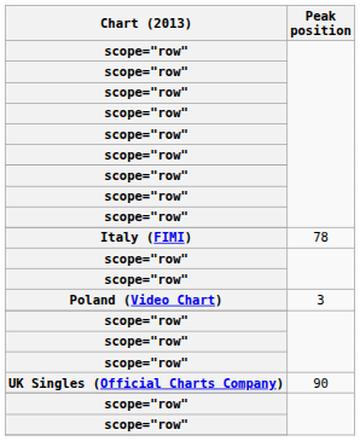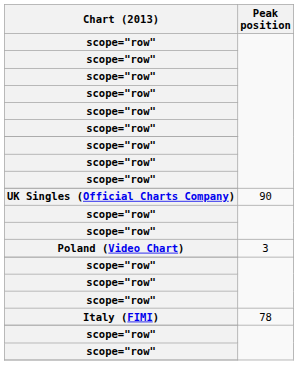 <table class="wikitable sortable plainrowheaders">
 <tr>
 <th>Chart (2013)</th>
 <th>Peak<br>position</th>
 </tr>
 <tr>
 <th>scope="row" </th>
 </tr>
 <tr>
 <th>scope="row" </th>
 </tr>
 <tr>
 <th>scope="row" </th>
 </tr>
 <tr>
 <th>scope="row" </th>
 </tr>
 <tr>
 <th>scope="row" </th>
 </tr>
 <tr>
 <th>scope="row" </th>
 </tr>
 <tr>
 </tr>
 <tr>
 <th>scope="row" </th>
 </tr>
 <tr>
 <th>scope="row" </th>
 </tr>
 <tr>
 <th>scope="row" </th>
 </tr>
 <tr>
 </tr>
 <tr>
-<th scope="row">Italy (<a href='#'>FIMI</a>)</th>
-<td align=center>78</td>
+<th scope="row">UK Singles (<a href='#'>Official Charts Company</a>)</th>
+<td align=center>90</td>
 </tr>
 <tr>
 <th>scope="row" </th>
 </tr>
 <tr>
 <th>scope="row" </th>
 </tr>
 <tr>
 <th scope="row">Poland (<a href='#'>Video Chart</a>)</th>
 <td align=center>3</td>
 </tr>
 <tr>
 </tr>
 <tr>
 <th>scope="row" </th>
 </tr>
 <tr>
 <th>scope="row" </th>
 </tr>
 <tr>
 <th>scope="row" </th>
 </tr>
 <tr>
-<th scope="row">UK Singles (<a href='#'>Official Charts Company</a>)</th>
-<td align=center>90</td>
+<th scope="row">Italy (<a href='#'>FIMI</a>)</th>
+<td align=center>78</td>
 </tr>
 <tr>
 </tr>
 <tr>
 <th>scope="row" </th>
 </tr>
 <tr>
 <th>scope="row" </th>
 </tr>
 <tr>
 </tr>
 </table>
